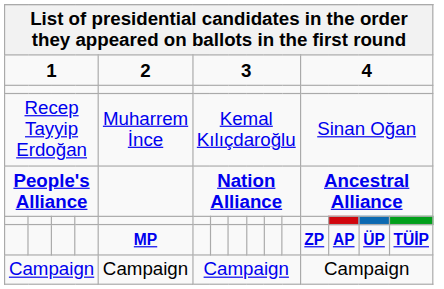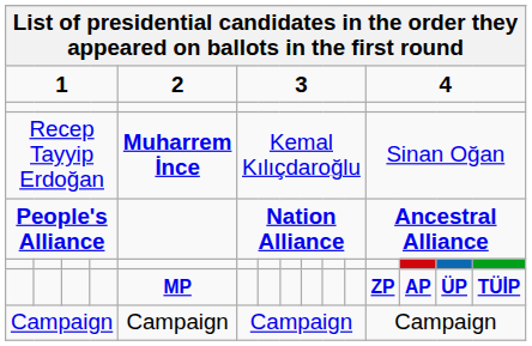 <table class="wikitable" style="width:130px; text-align:center">
 <tr>
 </tr>
 <tr>
 <th colspan=15>List of presidential candidates in the order they appeared on ballots in the first round</th>
 </tr>
 <tr>
 <td colspan="4"><strong>1</strong></td>
 <td><strong>2</strong></td>
 <td colspan="6"><strong>3</strong></td>
 <td colspan="4"><strong>4</strong></td>
 </tr>
 <tr>
 <td colspan="4"></td>
 <td></td>
 <td colspan="6"></td>
 <td colspan="4"></td>
 </tr>
 <tr>
 <td colspan="4"><a href='#'>Recep Tayyip Erdoğan</a></td>
-<td><a href='#'>Muharrem İnce</a></td>
+<td><strong><a href='#'>Muharrem İnce</a></strong></td>
 <td colspan="6"><a href='#'>Kemal Kılıçdaroğlu</a></td>
 <td colspan="4"><a href='#'>Sinan Oğan</a></td>
 </tr>
 <tr>
 <td colspan="4"><strong><a href='#'>People's Alliance</a></strong></td>
 <td></td>
 <td colspan="6"><a href='#'><strong>Nation Alliance</strong></a></td>
 <td colspan="4"><strong><a href='#'>Ancestral Alliance</a></strong></td>
 </tr>
 <tr>
 <td style="background:"></td>
 <td style="background:"></td>
 <td style="background:"></td>
 <td style="background:"></td>
 <td style="background:"></td>
 <td style="background:"></td>
 <td style="background:"></td>
 <td style="background:"></td>
 <td style="background:"></td>
 <td style="background:"></td>
 <td style="background:"></td>
 <td style="background:"></td>
 <td style="background:#D1050C; width:2px;"></td>
 <td style="background:#0B69B1; width:2px;"></td>
 <td style="background:#00A01A; width:2px;"></td>
 </tr>
 <tr>
 <td><strong></strong></td>
 <td><strong></strong></td>
 <td><strong></strong></td>
 <td><strong></strong></td>
 <td><a href='#'><small><strong>MP</strong></small></a></td>
 <td><strong></strong></td>
 <td><strong></strong></td>
 <td><strong></strong></td>
 <td><strong></strong></td>
 <td><strong></strong></td>
 <td><strong></strong></td>
 <td><strong><a href='#'><small>ZP</small></a></strong></td>
 <td><small><strong><a href='#'>AP</a></strong></small></td>
 <td><strong><small><a href='#'>ÜP</a></small></strong></td>
 <td><strong><small><a href='#'>TÜİP</a></small></strong></td>
 </tr>
 <tr>
 <td colspan="4"><a href='#'>Campaign</a></td>
 <td>Campaign</td>
 <td colspan="6"><a href='#'>Campaign</a></td>
 <td colspan="4">Campaign</td>
 </tr>
 </table>
